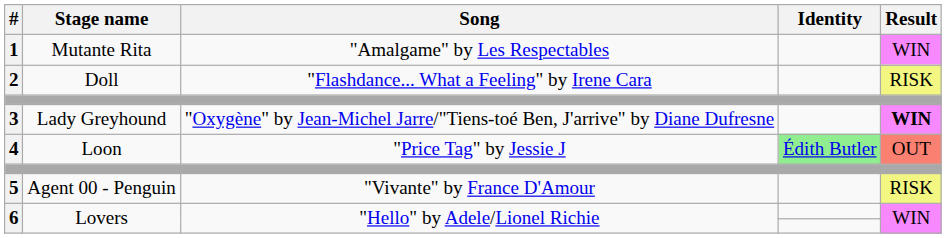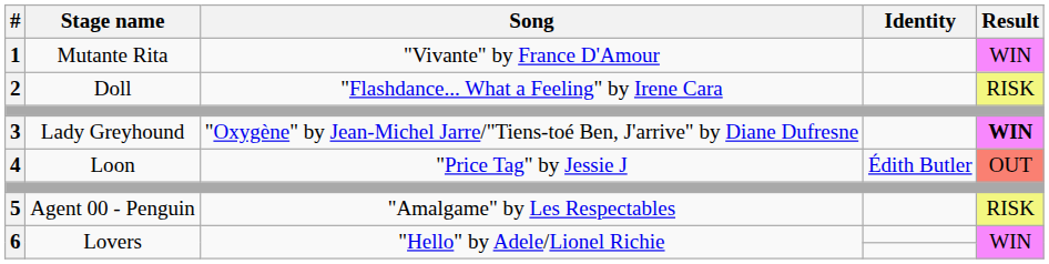 <table class="wikitable plainrowheaders" style="text-align: center;">
 <tr>
 <th>#</th>
 <th>Stage name</th>
 <th>Song</th>
 <th>Identity</th>
 <th>Result</th>
 </tr>
 <tr>
 <th>1</th>
 <td>Mutante Rita</td>
-<td>"Amalgame" by <a href='#'>Les Respectables</a></td>
+<td>"Vivante" by <a href='#'>France D'Amour</a></td>
 <td></td>
 <td bgcolor="F888FD">WIN</td>
 </tr>
 <tr>
 <th>2</th>
 <td>Doll</td>
 <td>"<a href='#'>Flashdance... What a Feeling</a>" by <a href='#'>Irene Cara</a></td>
 <td></td>
 <td bgcolor="F3F781">RISK</td>
 </tr>
 <tr>
 <th colspan="5" style="background:darkgrey"></th>
 </tr>
 <tr>
 <th>3</th>
 <td>Lady Greyhound</td>
 <td>"<a href='#'>Oxygène</a>" by <a href='#'>Jean-Michel Jarre</a>/"Tiens-toé Ben, J'arrive" by <a href='#'>Diane Dufresne</a></td>
 <td></td>
 <td bgcolor="F888FD"><strong>WIN</strong></td>
 </tr>
 <tr>
 <th>4</th>
 <td>Loon</td>
 <td>"<a href='#'>Price Tag</a>" by <a href='#'>Jessie J</a></td>
-<td style="background: lightgreen;"><a href='#'>Édith Butler</a></td>
+<td><a href='#'>Édith Butler</a></td>
 <td bgcolor="salmon">OUT</td>
 </tr>
 <tr>
 <th colspan="5" style="background:darkgrey"></th>
 </tr>
 <tr>
 <th>5</th>
 <td>Agent 00 - Penguin</td>
-<td>"Vivante" by <a href='#'>France D'Amour</a></td>
+<td>"Amalgame" by <a href='#'>Les Respectables</a></td>
 <td></td>
 <td bgcolor="F3F781">RISK</td>
 </tr>
 <tr>
 <th rowspan="2">6</th>
 <td rowspan="2">Lovers</td>
 <td rowspan="2">"<a href='#'>Hello</a>" by <a href='#'>Adele</a>/<a href='#'>Lionel Richie</a></td>
 <td></td>
 <td rowspan="2" bgcolor="F888FD">WIN</td>
 </tr>
 <tr>
 <td></td>
 </tr>
 </table>
